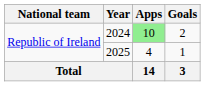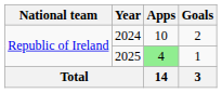 <table class="wikitable" style="text-align:center">
 <tr>
 <th>National team</th>
 <th>Year</th>
 <th>Apps</th>
 <th>Goals</th>
 </tr>
 <tr>
 <td rowspan="2"><a href='#'>Republic of Ireland</a></td>
 <td>2024</td>
-<td style="background: lightgreen;">10</td>
+<td>10</td>
 <td>2</td>
 </tr>
 <tr>
 <td>2025</td>
-<td>4</td>
+<td style="background: lightgreen;">4</td>
 <td>1</td>
 </tr>
 <tr>
 <th colspan="2">Total</th>
 <th>14</th>
 <th>3</th>
 </tr>
 </table>
